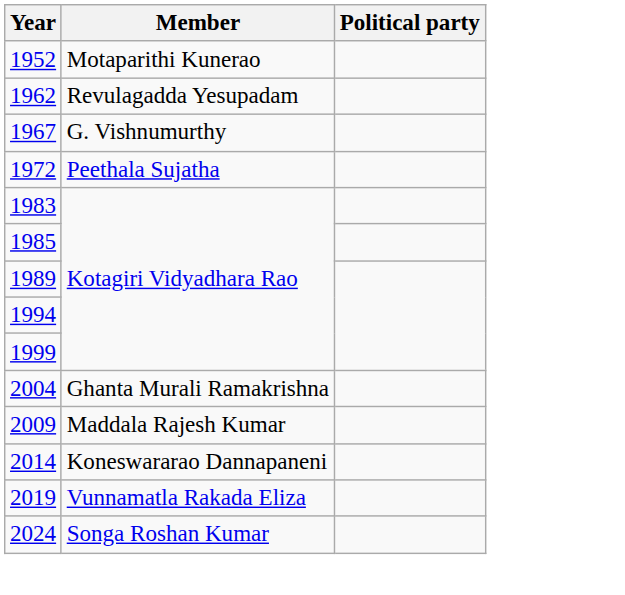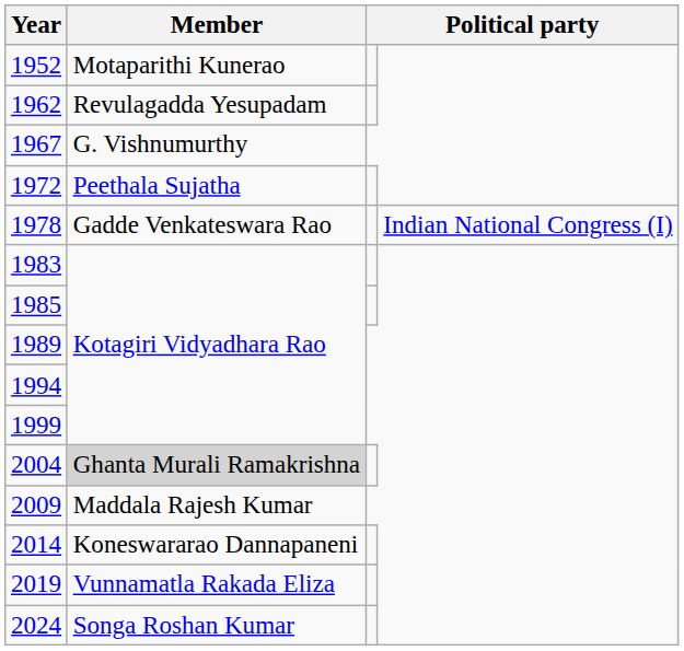 <table class="wikitable sortable">
 <tr>
 <th>Year</th>
 <th>Member</th>
 <th colspan="2">Political party</th>
 </tr>
 <tr>
 <td><a href='#'>1952</a></td>
 <td>Motaparithi Kunerao</td>
 <td></td>
 </tr>
 <tr>
 <td><a href='#'>1962</a></td>
 <td>Revulagadda Yesupadam</td>
 <td></td>
 </tr>
 <tr>
 <td><a href='#'>1967</a></td>
 <td>G. Vishnumurthy</td>
 </tr>
 <tr>
 <td><a href='#'>1972</a></td>
 <td><a href='#'>Peethala Sujatha</a></td>
 <td></td>
 </tr>
 <tr>
+<td><a href='#'>1978</a></td>
+<td>Gadde Venkateswara Rao</td>
+<td style="background-color: "></td>
+<td><a href='#'>Indian National Congress (I)</a></td>
+</tr>
+<tr>
 <td><a href='#'>1983</a></td>
 <td rowspan=5><a href='#'>Kotagiri Vidyadhara Rao</a></td>
 <td></td>
 </tr>
 <tr>
 <td><a href='#'>1985</a></td>
 <td></td>
 </tr>
 <tr>
 <td><a href='#'>1989</a></td>
 </tr>
 <tr>
 <td><a href='#'>1994</a></td>
 </tr>
 <tr>
 <td><a href='#'>1999</a></td>
 </tr>
 <tr>
 <td><a href='#'>2004</a></td>
-<td>Ghanta Murali Ramakrishna</td>
+<td style="background: lightgrey;">Ghanta Murali Ramakrishna</td>
 <td></td>
 </tr>
 <tr>
 <td><a href='#'>2009</a></td>
 <td>Maddala Rajesh Kumar</td>
 </tr>
 <tr>
 <td><a href='#'>2014</a></td>
 <td>Koneswararao Dannapaneni</td>
 <td></td>
 </tr>
 <tr>
 <td><a href='#'>2019</a></td>
 <td><a href='#'>Vunnamatla Rakada Eliza</a></td>
 <td></td>
 </tr>
 <tr>
 <td><a href='#'>2024</a></td>
 <td><a href='#'>Songa Roshan Kumar</a></td>
 <td></td>
 </tr>
 </table>
